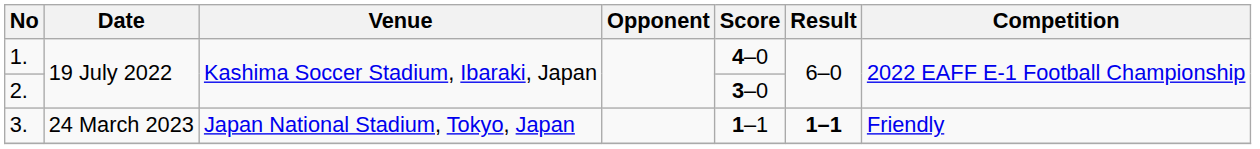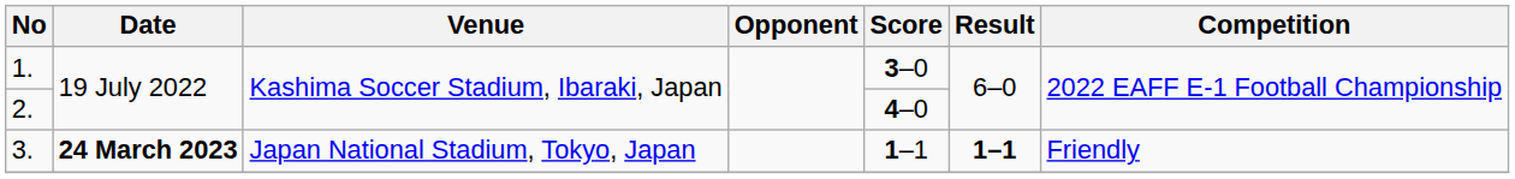 <table class="wikitable">
 <tr>
 <th>No</th>
 <th>Date</th>
 <th>Venue</th>
 <th>Opponent</th>
 <th>Score</th>
 <th>Result</th>
 <th>Competition</th>
 </tr>
 <tr>
 <td>1.</td>
 <td rowspan="2">19 July 2022</td>
 <td rowspan="2"><a href='#'>Kashima Soccer Stadium</a>, <a href='#'>Ibaraki</a>, Japan</td>
 <td rowspan="2"></td>
-<td align=center><strong>4</strong>–0</td>
+<td align=center><strong>3</strong>–0</td>
 <td rowspan="2" align=center>6–0</td>
 <td rowspan="2"><a href='#'>2022 EAFF E-1 Football Championship</a></td>
 </tr>
 <tr>
 <td>2.</td>
-<td align=center><strong>3</strong>–0</td>
+<td align=center><strong>4</strong>–0</td>
 </tr>
 <tr>
 <td>3.</td>
-<td>24 March 2023</td>
+<td><strong>24 March 2023</strong></td>
 <td><a href='#'>Japan National Stadium</a>, <a href='#'>Tokyo</a>, <a href='#'>Japan</a></td>
 <td></td>
 <td align=center><strong>1</strong>–1</td>
 <td align=center><strong>1–1</strong></td>
 <td><a href='#'>Friendly</a></td>
 </tr>
 <tr>
 </tr>
 </table>
